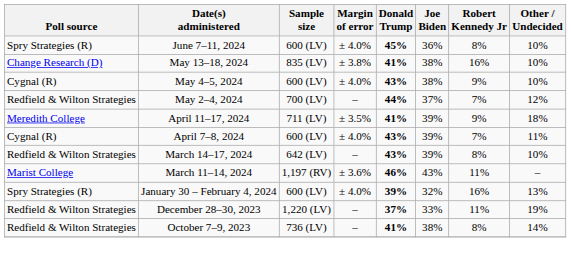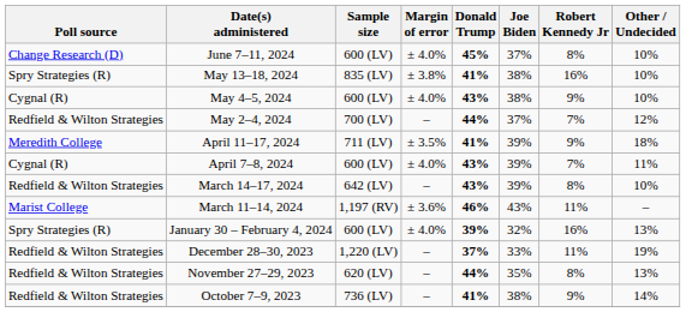 <table class="wikitable sortable mw-datatable" style="font-size:90%;text-align:center;line-height:17px">
 <tr valign=bottom>
 <th>Poll source</th>
 <th>Date(s)<br>administered</th>
 <th>Sample<br>size</th>
 <th>Margin<br>of error</th>
 <th class="unsortable">Donald<br>Trump<br></th>
 <th class="unsortable">Joe<br>Biden<br></th>
 <th class="unsortable">Robert<br>Kennedy Jr<br></th>
 <th class="unsortable">Other /<br>Undecided</th>
 </tr>
 <tr>
-<td style="text-align:left;">Spry Strategies (R)</td>
+<td style="text-align:left;"><a href='#'>Change Research (D)</a></td>
 <td data-sort-value="2024-06-06">June 7–11, 2024</td>
 <td>600 (LV)</td>
 <td>± 4.0%</td>
 <td style="background-color:"><strong>45%</strong></td>
-<td>36%</td>
+<td>37%</td>
 <td>8%</td>
 <td>10%</td>
 </tr>
 <tr>
-<td style="text-align:left;"><a href='#'>Change Research (D)</a></td>
+<td style="text-align:left;">Spry Strategies (R)</td>
 <td data-sort-value="2024-04-11">May 13–18, 2024</td>
 <td>835 (LV)</td>
 <td>± 3.8%</td>
 <td style="background-color:"><strong>41%</strong></td>
 <td>38%</td>
 <td>16%</td>
 <td>10%</td>
 </tr>
 <tr>
 <td style="text-align:left;">Cygnal (R)</td>
 <td data-sort-value="2024-04-11">May 4–5, 2024</td>
 <td>600 (LV)</td>
 <td>± 4.0%</td>
 <td style="background-color:"><strong>43%</strong></td>
 <td>38%</td>
 <td>9%</td>
 <td>10%</td>
 </tr>
 <tr>
 <td style="text-align:left;">Redfield & Wilton Strategies</td>
 <td data-sort-value="2024-05-13">May 2–4, 2024</td>
 <td>700 (LV)</td>
 <td>–</td>
 <td style="background-color:"><strong>44%</strong></td>
 <td>37%</td>
 <td>7%</td>
 <td>12%</td>
 </tr>
 <tr>
 <td style="text-align:left;"><a href='#'>Meredith College</a></td>
 <td data-sort-value="2024-04-11">April 11–17, 2024</td>
 <td>711 (LV)</td>
 <td>± 3.5%</td>
 <td style="background-color:"><strong>41%</strong></td>
 <td>39%</td>
 <td>9%</td>
 <td>18%</td>
 </tr>
 <tr>
 <td style="text-align:left;">Cygnal (R)</td>
 <td data-sort-value="2024-04-11">April 7–8, 2024</td>
 <td>600 (LV)</td>
 <td>± 4.0%</td>
 <td style="background-color:"><strong>43%</strong></td>
 <td>39%</td>
 <td>7%</td>
 <td>11%</td>
 </tr>
 <tr>
 <td style="text-align:left;">Redfield & Wilton Strategies</td>
 <td data-sort-value="2024-03-25">March 14–17, 2024</td>
 <td>642 (LV)</td>
 <td>–</td>
 <td style="background-color:"><strong>43%</strong></td>
 <td>39%</td>
 <td>8%</td>
 <td>10%</td>
 </tr>
 <tr>
 <td style="text-align:left;"><a href='#'>Marist College</a></td>
 <td data-sort-value="2024-03-20">March 11–14, 2024</td>
 <td>1,197 (RV)</td>
 <td>± 3.6%</td>
 <td style="background-color:"><strong>46%</strong></td>
 <td>43%</td>
 <td>11%</td>
 <td>–</td>
 </tr>
 <tr>
 <td style="text-align:left;">Spry Strategies (R)</td>
 <td data-sort-value="2024-02-06">January 30 – February 4, 2024</td>
 <td>600 (LV)</td>
 <td>± 4.0%</td>
 <td style="background-color:"><strong>39%</strong></td>
 <td>32%</td>
 <td>16%</td>
 <td>13%</td>
 </tr>
 <tr>
 <td style="text-align:left;">Redfield & Wilton Strategies</td>
 <td data-sort-value="2024-01-08">December 28–30, 2023</td>
 <td>1,220 (LV)</td>
 <td>–</td>
 <td style="background-color:"><strong>37%</strong></td>
 <td>33%</td>
 <td>11%</td>
 <td>19%</td>
 </tr>
 <tr>
 <td style="text-align:left;">Redfield & Wilton Strategies</td>
+<td data-sort-value="2023-12-05">November 27–29, 2023</td>
+<td>620 (LV)</td>
+<td>–</td>
+<td style="background-color:"><strong>44%</strong></td>
+<td>35%</td>
+<td>8%</td>
+<td>13%</td>
+</tr>
+<tr>
+<td style="text-align:left;">Redfield & Wilton Strategies</td>
 <td data-sort-value="2023-10-15">October 7–9, 2023</td>
 <td>736 (LV)</td>
 <td>–</td>
 <td style="background-color:"><strong>41%</strong></td>
 <td>38%</td>
-<td>8%</td>
+<td>9%</td>
 <td>14%</td>
 </tr>
 <tr>
 </tr>
 </table>
